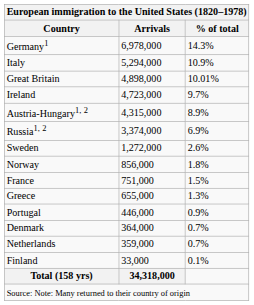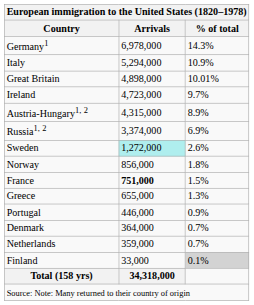 <table class="wikitable sortable" style="text-align:left">
 <tr>
 <th colspan=3>European immigration to the United States (1820–1978)</th>
 </tr>
 <tr>
 <th>Country</th>
 <th>Arrivals</th>
 <th>% of total</th>
 </tr>
 <tr>
 <td>Germany<sup>1</sup></td>
 <td>6,978,000</td>
 <td>14.3%</td>
 </tr>
 <tr>
 <td>Italy</td>
 <td>5,294,000</td>
 <td>10.9%</td>
 </tr>
 <tr>
 <td>Great Britain</td>
 <td>4,898,000</td>
 <td>10.01%</td>
 </tr>
 <tr>
 <td>Ireland</td>
 <td>4,723,000</td>
 <td>9.7%</td>
 </tr>
 <tr>
 <td>Austria-Hungary<sup>1,</sup> <sup>2</sup></td>
 <td>4,315,000</td>
 <td>8.9%</td>
 </tr>
 <tr>
 <td>Russia<sup>1,</sup> <sup>2</sup></td>
 <td>3,374,000</td>
 <td>6.9%</td>
 </tr>
 <tr>
 <td>Sweden</td>
-<td>1,272,000</td>
+<td style="background: paleturquoise;">1,272,000</td>
 <td>2.6%</td>
 </tr>
 <tr>
 <td>Norway</td>
 <td>856,000</td>
 <td>1.8%</td>
 </tr>
 <tr>
 <td>France</td>
-<td>751,000</td>
+<td><strong>751,000</strong></td>
 <td>1.5%</td>
 </tr>
 <tr>
 <td>Greece</td>
 <td>655,000</td>
 <td>1.3%</td>
 </tr>
 <tr>
 <td>Portugal</td>
 <td>446,000</td>
 <td>0.9%</td>
 </tr>
 <tr>
 <td>Denmark</td>
 <td>364,000</td>
 <td>0.7%</td>
 </tr>
 <tr>
 <td>Netherlands</td>
 <td>359,000</td>
 <td>0.7%</td>
 </tr>
 <tr>
 <td>Finland</td>
 <td>33,000</td>
-<td>0.1%</td>
+<td style="background: lightgrey;">0.1%</td>
 </tr>
 <tr>
 <th>Total (158 yrs)</th>
 <th>34,318,000</th>
 </tr>
 <tr>
 <td colspan=3 style="text-align:left;"><small>Source: Note: Many returned to their country of origin</small></td>
 </tr>
 </table>
